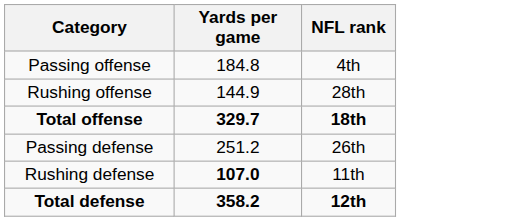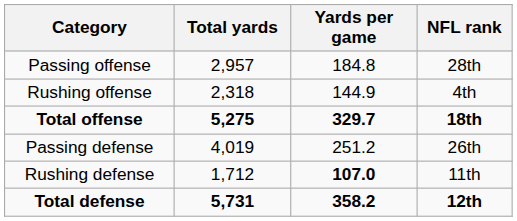 <table class="wikitable" style="text-align:center">
 <tr>
 <th width=150px>Category</th>
+<th width=100px>Total yards</th>
 <th width=110px>Yards per game</th>
 <th width=80px>NFL rank<br></th>
 </tr>
 <tr>
 <td>Passing offense</td>
+<td>2,957</td>
 <td>184.8</td>
+<td>28th</td>
+</tr>
+<tr>
+<td>Rushing offense</td>
+<td>2,318</td>
+<td>144.9</td>
 <td>4th</td>
 </tr>
 <tr>
-<td>Rushing offense</td>
-<td>144.9</td>
-<td>28th</td>
-</tr>
-<tr>
 <td><strong>Total offense</strong></td>
+<td><strong>5,275</strong></td>
 <td><strong>329.7</strong></td>
 <td><strong>18th</strong></td>
 </tr>
 <tr>
 <td>Passing defense</td>
+<td>4,019</td>
 <td>251.2</td>
 <td>26th</td>
 </tr>
 <tr>
 <td>Rushing defense</td>
+<td>1,712</td>
 <td><strong>107.0</strong></td>
 <td>11th</td>
 </tr>
 <tr>
 <td><strong>Total defense</strong></td>
+<td><strong>5,731</strong></td>
 <td><strong>358.2</strong></td>
 <td><strong>12th</strong></td>
 </tr>
 </table>
